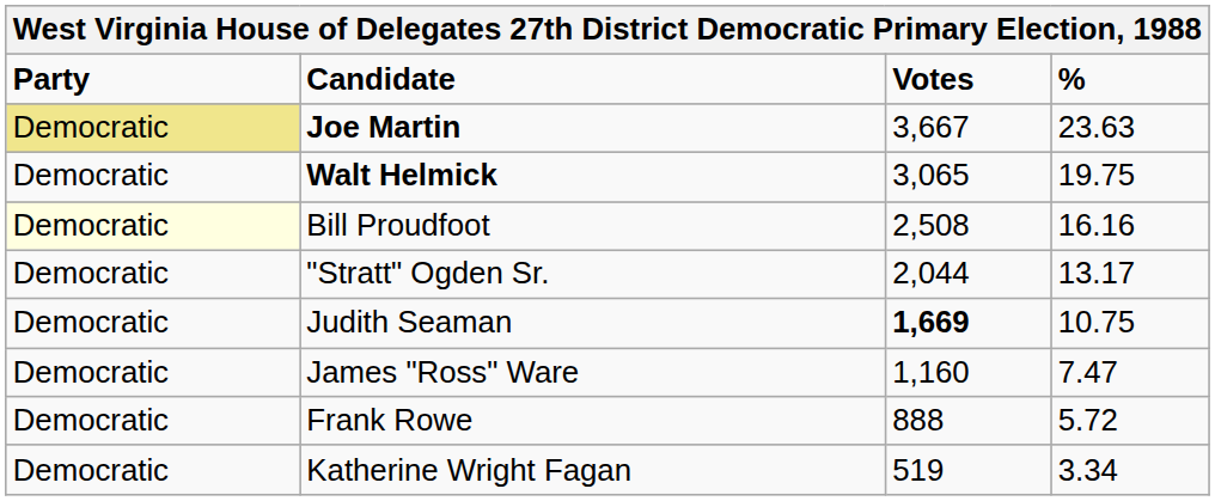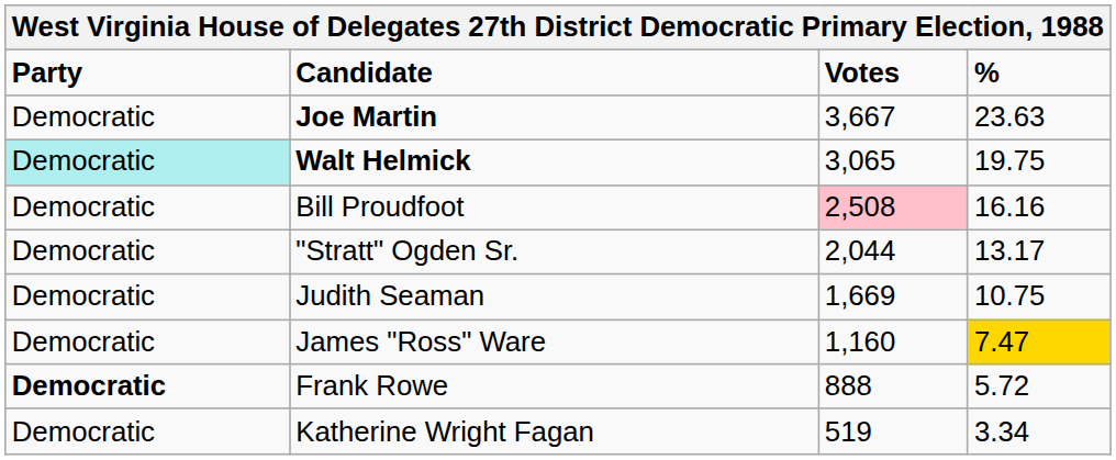 <table class="wikitable">
 <tr>
 <th colspan="4">West Virginia House of Delegates 27th District Democratic Primary Election, 1988</th>
 </tr>
 <tr>
 <td><strong>Party</strong></td>
 <td><strong>Candidate</strong></td>
 <td><strong>Votes</strong></td>
 <td><strong>%</strong></td>
 </tr>
 <tr>
-<td style="background: khaki;">Democratic</td>
+<td>Democratic</td>
 <td><strong>Joe Martin</strong></td>
 <td>3,667</td>
 <td>23.63</td>
 </tr>
 <tr>
-<td>Democratic</td>
+<td style="background: paleturquoise;">Democratic</td>
 <td><strong>Walt Helmick</strong></td>
 <td>3,065</td>
 <td>19.75</td>
 </tr>
 <tr>
-<td style="background: lightyellow;">Democratic</td>
+<td>Democratic</td>
 <td>Bill Proudfoot</td>
-<td>2,508</td>
+<td style="background: pink;">2,508</td>
 <td>16.16</td>
 </tr>
 <tr>
 <td>Democratic</td>
 <td>"Stratt" Ogden Sr.</td>
 <td>2,044</td>
 <td>13.17</td>
 </tr>
 <tr>
 <td>Democratic</td>
 <td>Judith Seaman</td>
-<td><strong>1,669</strong></td>
+<td>1,669</td>
 <td>10.75</td>
 </tr>
 <tr>
 <td>Democratic</td>
 <td>James "Ross" Ware</td>
 <td>1,160</td>
-<td>7.47</td>
+<td style="background: gold;">7.47</td>
 </tr>
 <tr>
-<td>Democratic</td>
+<td><strong>Democratic</strong></td>
 <td>Frank Rowe</td>
 <td>888</td>
 <td>5.72</td>
 </tr>
 <tr>
 <td>Democratic</td>
 <td>Katherine Wright Fagan</td>
 <td>519</td>
 <td>3.34</td>
 </tr>
 </table>
